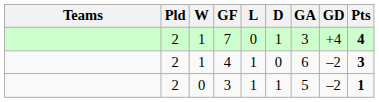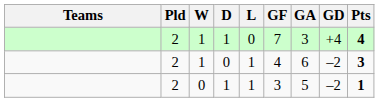 <table class="wikitable" style="text-align: center;">
 <tr>
 <th width=165>Teams</th>
 <th width=20>Pld</th>
 <th width=20>W</th>
+<th width=20>D</th>
+<th width=20>L</th>
 <th width=20>GF</th>
-<th width=20>L</th>
-<th width=20>D</th>
 <th width=20>GA</th>
 <th width=20>GD</th>
 <th width=20>Pts</th>
 </tr>
 <tr align=center style="background:#ccffcc;">
 <td style="text-align:left;"></td>
 <td>2</td>
 <td>1</td>
+<td>1</td>
+<td>0</td>
 <td>7</td>
-<td>0</td>
-<td>1</td>
 <td>3</td>
 <td>+4</td>
 <td><strong>4</strong></td>
 </tr>
 <tr align=center>
 <td style="text-align:left;"></td>
 <td>2</td>
 <td>1</td>
+<td>0</td>
+<td>1</td>
 <td>4</td>
-<td>1</td>
-<td>0</td>
 <td>6</td>
 <td>–2</td>
 <td><strong>3</strong></td>
 </tr>
 <tr align=center>
 <td style="text-align:left;"></td>
 <td>2</td>
 <td>0</td>
-<td>3</td>
 <td>1</td>
 <td>1</td>
+<td>3</td>
 <td>5</td>
 <td>–2</td>
 <td><strong>1</strong></td>
 </tr>
 </table>
